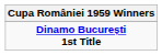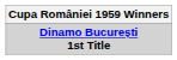 <table class="wikitable" style="text-align: center; margin: 0 auto;">
 <tr>
 <th>Cupa României 1959 Winners</th>
 </tr>
 <tr>
 </tr>
 <tr>
-<td><strong><a href='#'>Dinamo București</a></strong><br><strong>1st Title</strong></td>
+<td style="background: lightgrey;"><strong><a href='#'>Dinamo București</a></strong><br><strong>1st Title</strong></td>
 </tr>
 </table>
